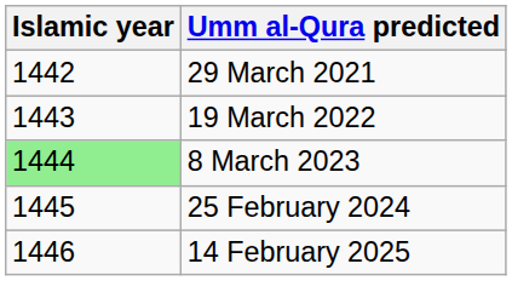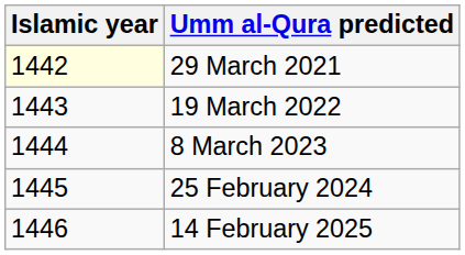 <table class="wikitable">
 <tr>
 <th>Islamic year</th>
 <th><a href='#'>Umm al-Qura</a> predicted</th>
 </tr>
 <tr>
-<td>1442</td>
+<td style="background: lightyellow;">1442</td>
 <td>29 March 2021</td>
 </tr>
 <tr>
 <td>1443</td>
 <td>19 March 2022</td>
 </tr>
 <tr>
-<td style="background: lightgreen;">1444</td>
+<td>1444</td>
 <td>8 March 2023</td>
 </tr>
 <tr>
 <td>1445</td>
 <td>25 February 2024</td>
 </tr>
 <tr>
 <td>1446</td>
 <td>14 February 2025</td>
 </tr>
 </table>
